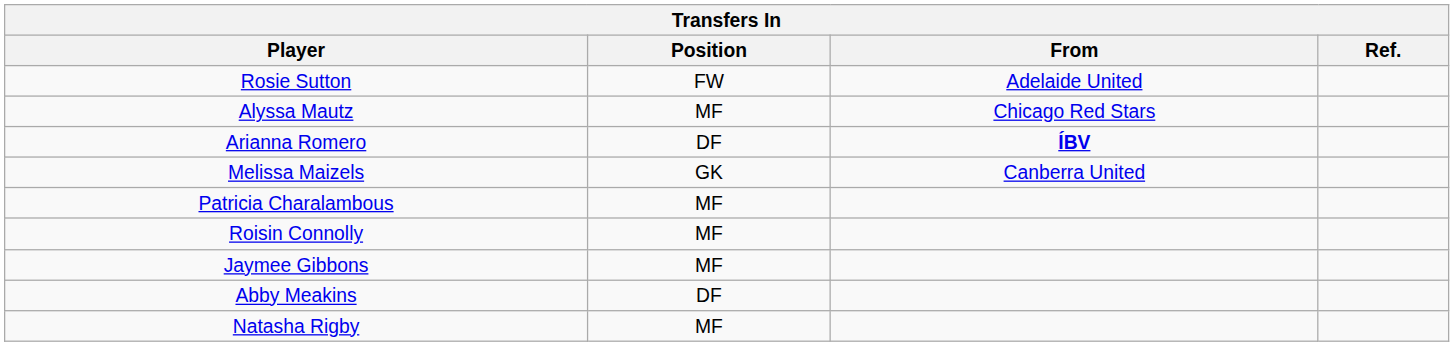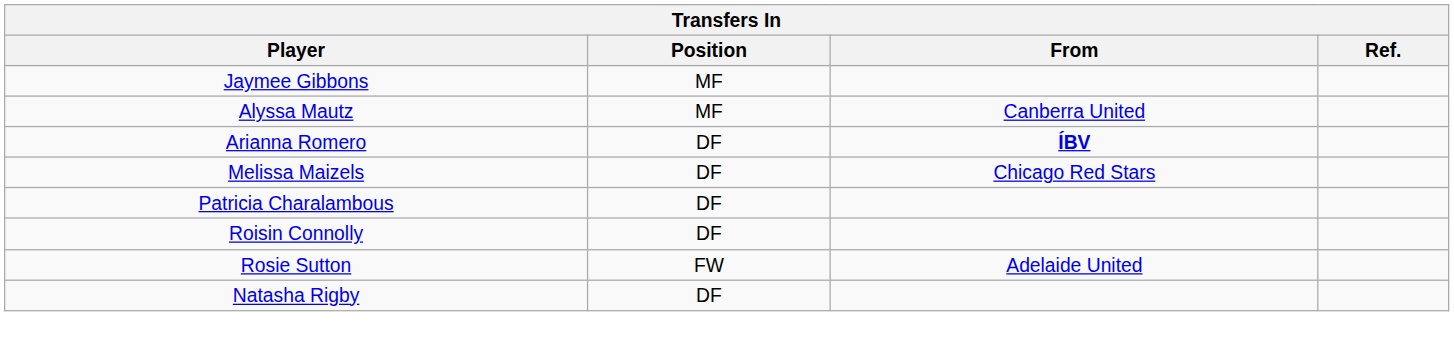 <table class="wikitable sortable collapsible collapsed" style="font-size:95%; text-align: center; width: 90%;">
 <tr>
 <th colspan="4" style="with: 100%;" align=center><strong>Transfers In</strong></th>
 </tr>
 <tr>
 <th>Player</th>
 <th>Position</th>
 <th>From</th>
 <th>Ref.</th>
 </tr>
 <tr>
-<td> <a href='#'>Rosie Sutton</a></td>
-<td>FW</td>
-<td><a href='#'>Adelaide United</a></td>
+<td> <a href='#'>Jaymee Gibbons</a></td>
+<td>MF</td>
+<td></td>
 <td></td>
 </tr>
 <tr>
 <td> <a href='#'>Alyssa Mautz</a></td>
 <td>MF</td>
-<td> <a href='#'>Chicago Red Stars</a></td>
+<td><a href='#'>Canberra United</a></td>
 <td></td>
 </tr>
 <tr>
 <td> <a href='#'>Arianna Romero</a></td>
 <td>DF</td>
 <td><strong> <a href='#'>ÍBV</a></strong></td>
 <td></td>
 </tr>
 <tr>
 <td> <a href='#'>Melissa Maizels</a></td>
-<td>GK</td>
-<td><a href='#'>Canberra United</a></td>
+<td>DF</td>
+<td> <a href='#'>Chicago Red Stars</a></td>
 <td></td>
 </tr>
 <tr>
 <td> <a href='#'>Patricia Charalambous</a></td>
-<td>MF</td>
+<td>DF</td>
 <td></td>
 <td></td>
 </tr>
 <tr>
 <td> <a href='#'>Roisin Connolly</a></td>
-<td>MF</td>
-<td></td>
-<td></td>
-</tr>
-<tr>
-<td> <a href='#'>Jaymee Gibbons</a></td>
-<td>MF</td>
-<td></td>
-<td></td>
-</tr>
-<tr>
-<td> <a href='#'>Abby Meakins</a></td>
 <td>DF</td>
 <td></td>
 <td></td>
 </tr>
 <tr>
+<td> <a href='#'>Rosie Sutton</a></td>
+<td>FW</td>
+<td><a href='#'>Adelaide United</a></td>
+<td></td>
+</tr>
+<tr>
 <td> <a href='#'>Natasha Rigby</a></td>
-<td>MF</td>
+<td>DF</td>
 <td></td>
 <td></td>
 </tr>
 </table>
